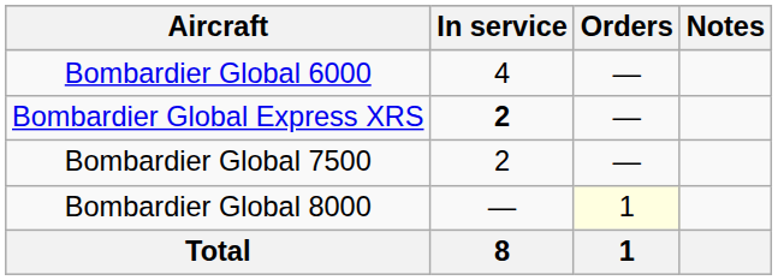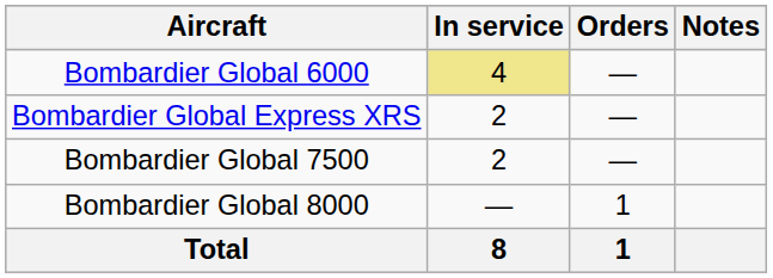 <table class="wikitable" style="margin:0.5em auto; text-align:center">
 <tr style="background:darkgrey">
 <th>Aircraft</th>
 <th>In service</th>
 <th>Orders</th>
 <th>Notes</th>
 </tr>
 <tr>
 <td><a href='#'>Bombardier Global 6000</a></td>
-<td>4</td>
+<td style="background: khaki;">4</td>
 <td>—</td>
 <td></td>
 </tr>
 <tr>
 <td><a href='#'>Bombardier Global Express XRS</a></td>
-<td><strong>2</strong></td>
+<td>2</td>
 <td>—</td>
 <td></td>
 </tr>
 <tr>
 <td>Bombardier Global 7500</td>
 <td>2</td>
 <td>—</td>
 <td></td>
 </tr>
 <tr>
 <td>Bombardier Global 8000</td>
 <td>—</td>
-<td style="background: lightyellow;">1</td>
+<td>1</td>
 <td></td>
 </tr>
 <tr>
 <th>Total</th>
 <th>8</th>
 <th>1</th>
 <th colspan="6"></th>
 </tr>
 </table>
